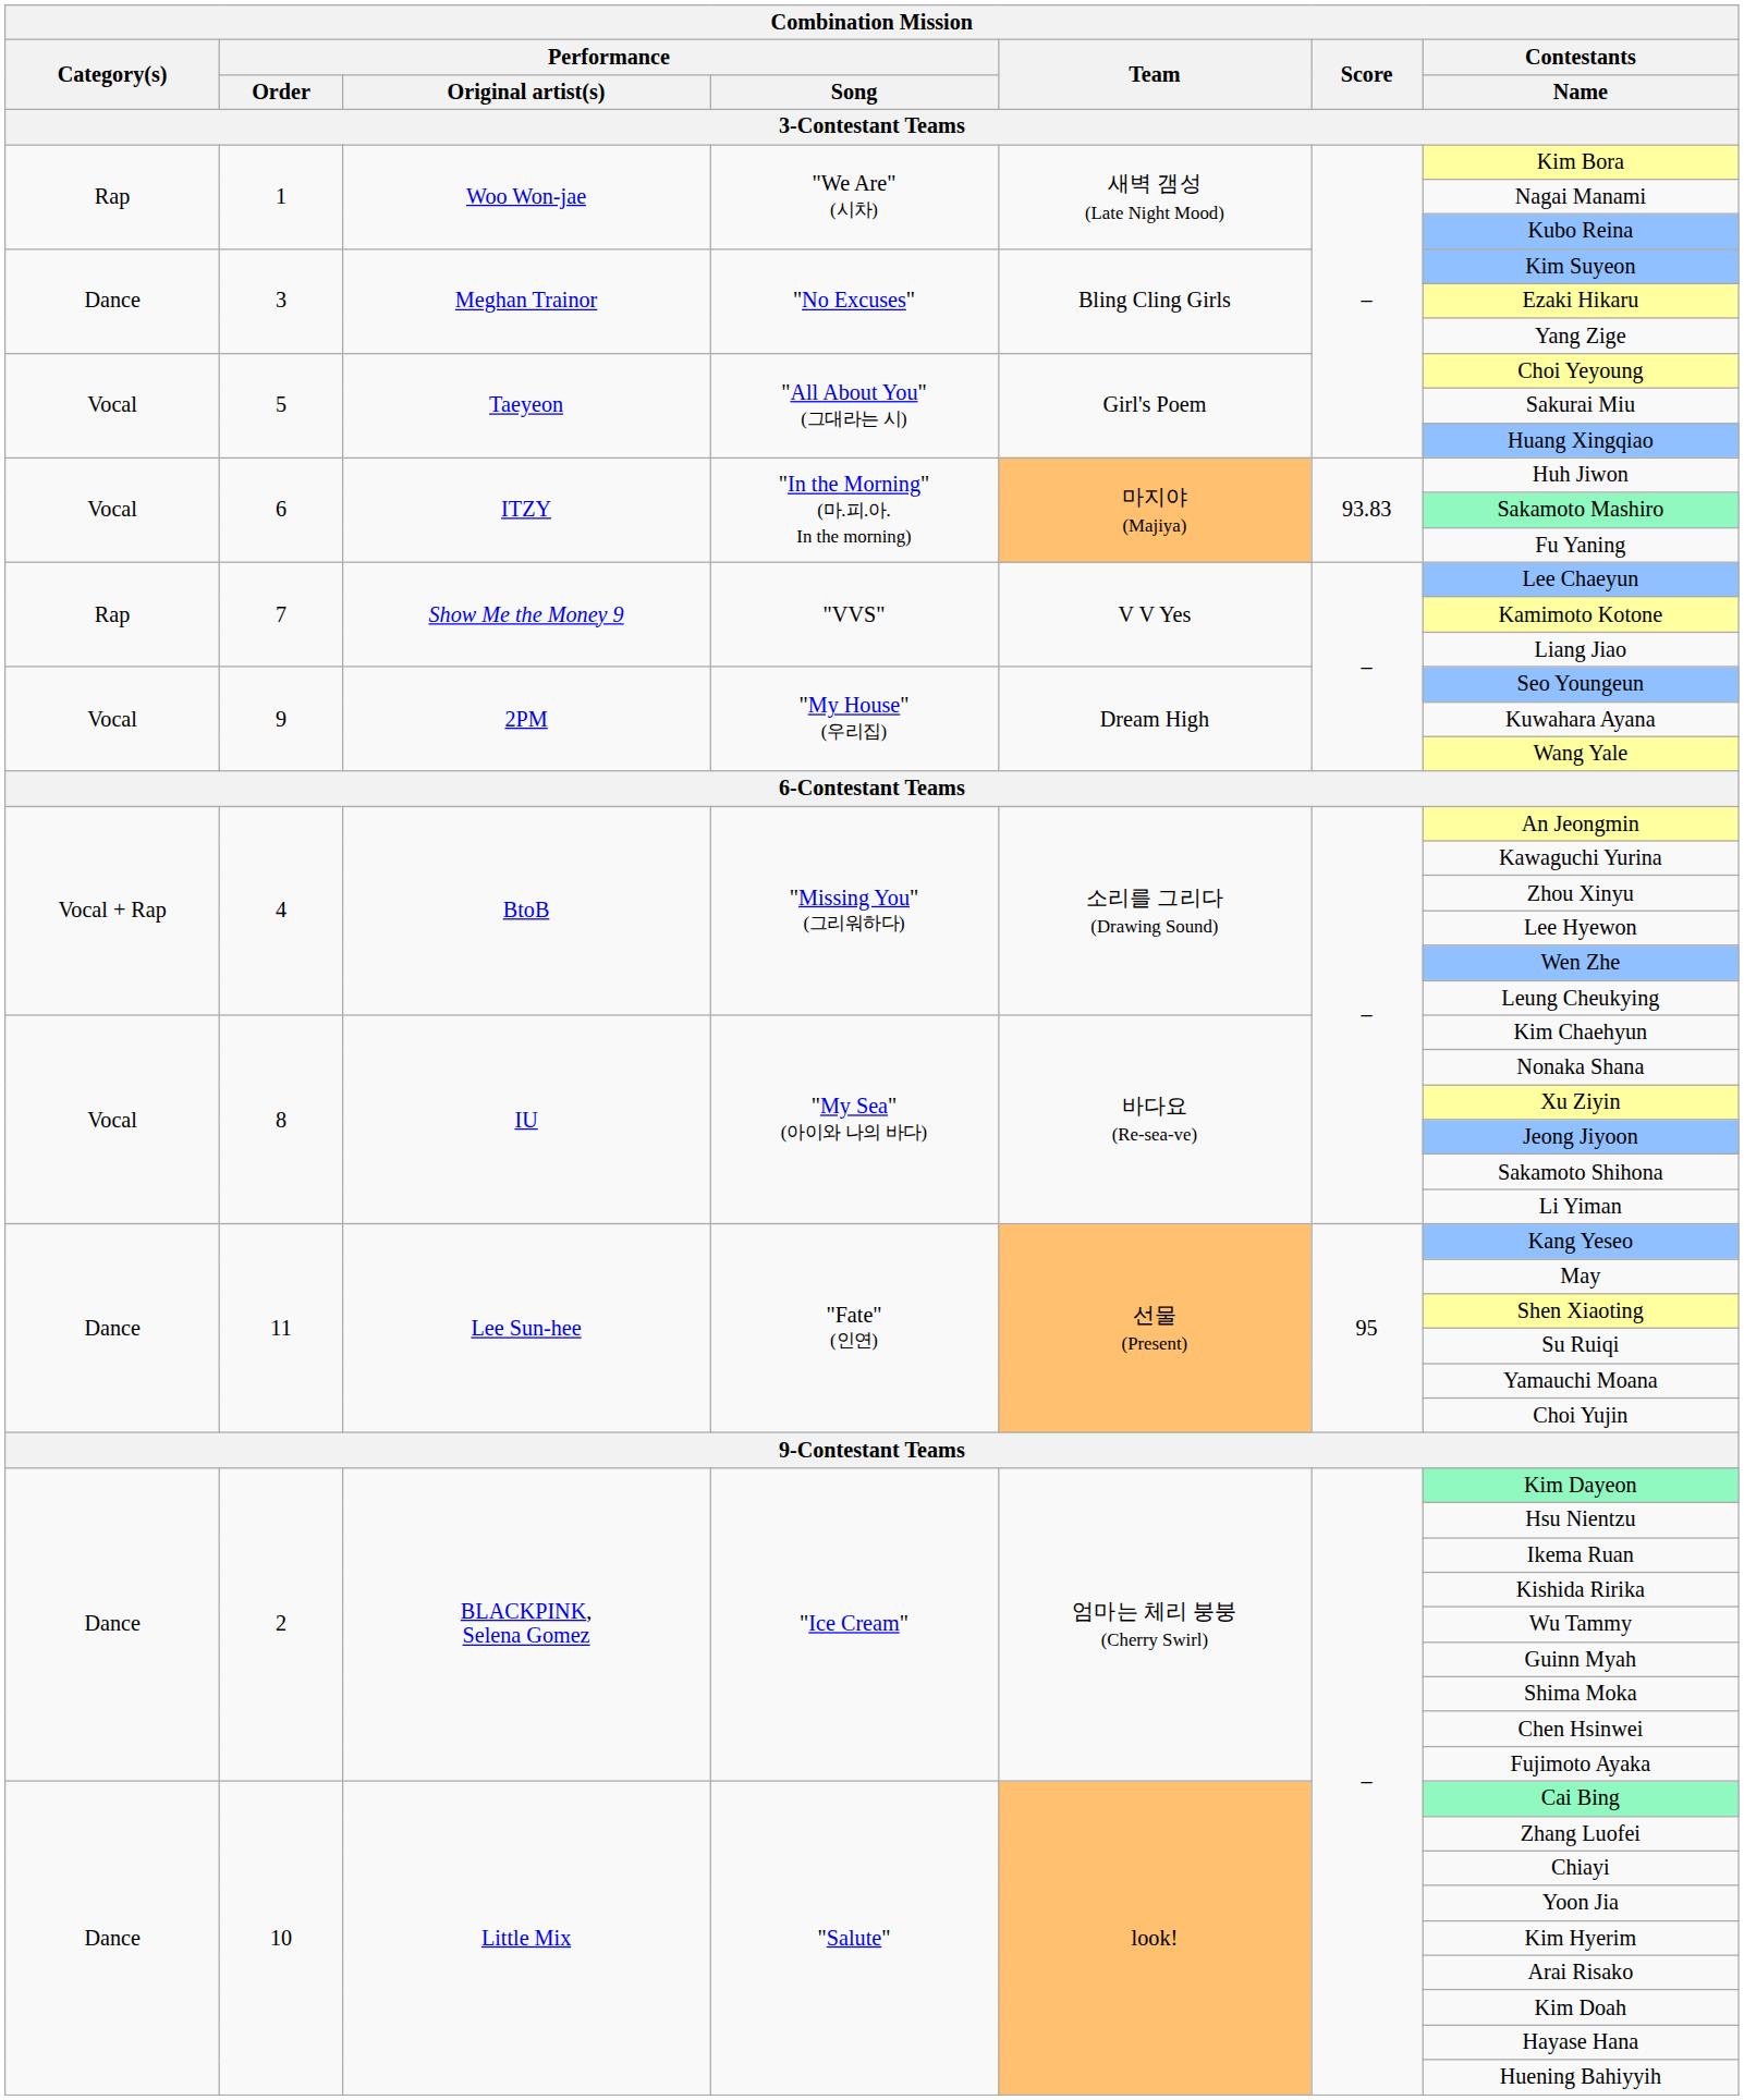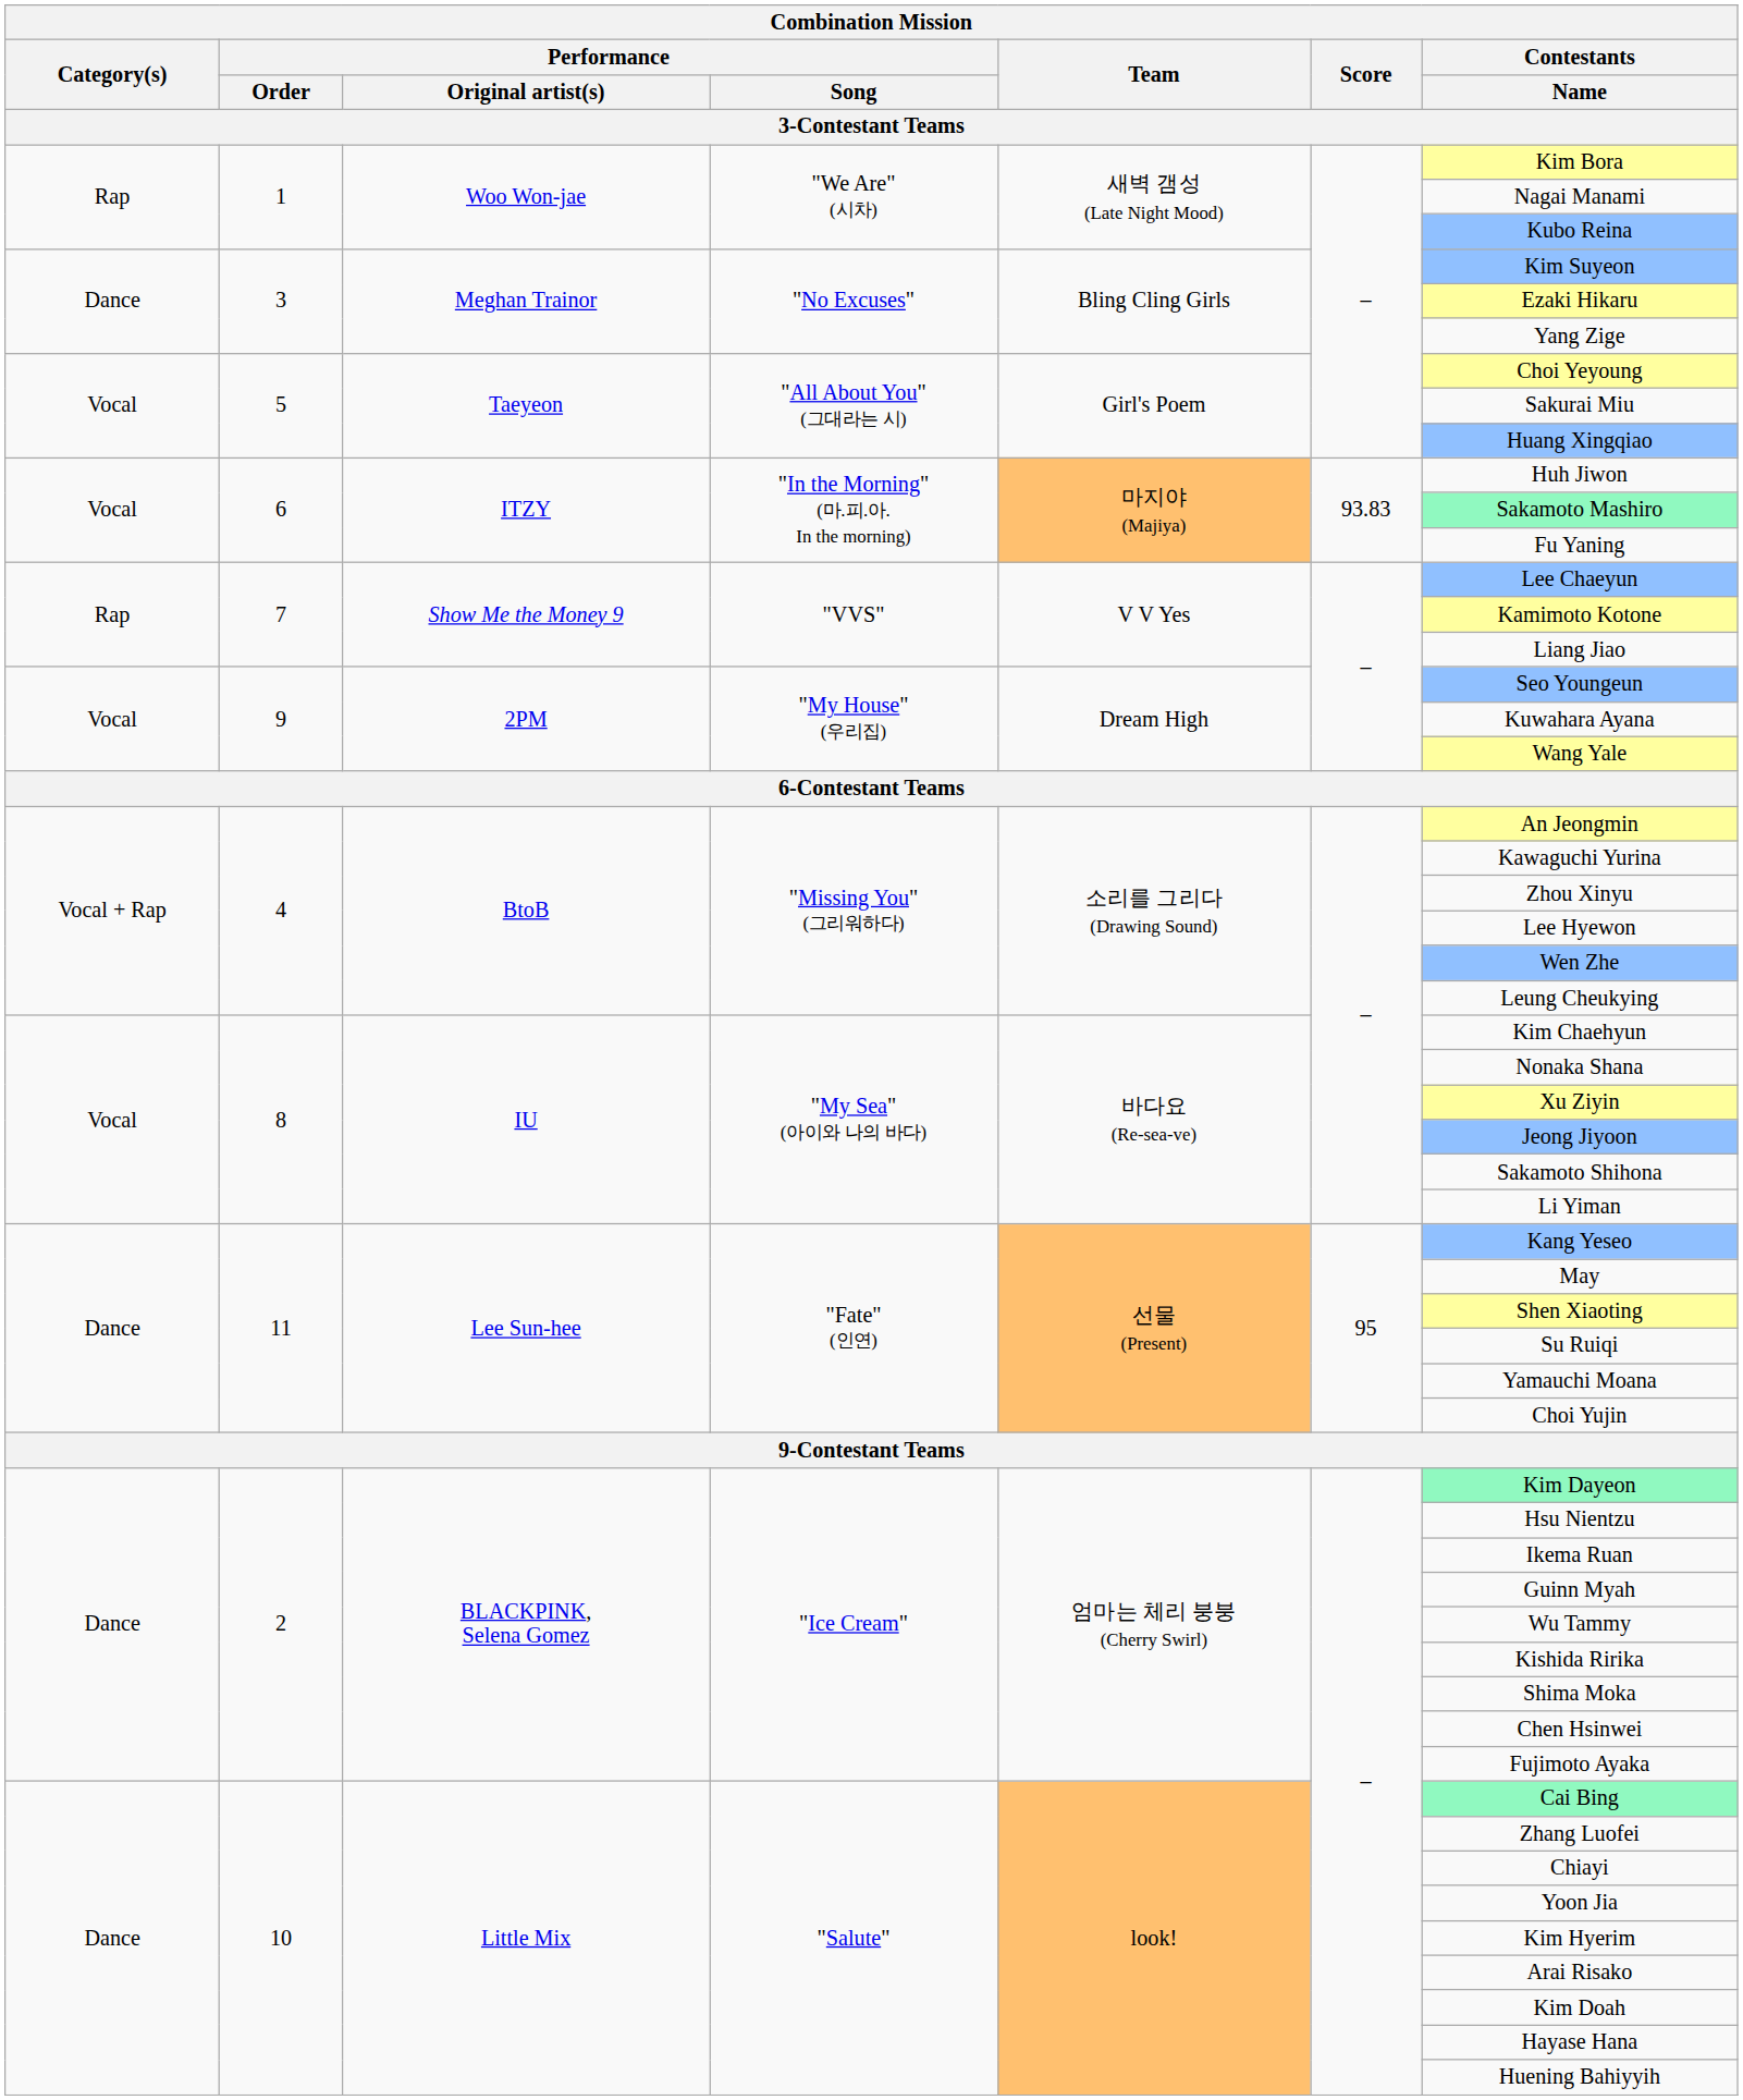 <table class="wikitable collapsible" style="width:100%; text-align:center">
 <tr>
 <th colspan="7">Combination Mission</th>
 </tr>
 <tr>
 <th rowspan="2">Category(s)</th>
 <th colspan="3">Performance</th>
 <th rowspan="2">Team</th>
 <th rowspan="2">Score</th>
 <th>Contestants</th>
 </tr>
 <tr>
 <th>Order</th>
 <th>Original artist(s)</th>
 <th>Song</th>
 <th>Name</th>
 </tr>
 <tr>
 <th colspan="7">3-Contestant Teams</th>
 </tr>
 <tr>
 <td rowspan="3">Rap</td>
 <td rowspan="3">1</td>
 <td rowspan="3"><a href='#'>Woo Won-jae</a></td>
 <td rowspan="3">"We Are"<br><small>(시차)</small></td>
 <td rowspan="3">새벽 갬성<br><small>(Late Night Mood)</small></td>
 <td rowspan="9">–</td>
 <td style="background:#FFFF9F;">Kim Bora</td>
 </tr>
 <tr>
 <td>Nagai Manami</td>
 </tr>
 <tr>
 <td style="background:#90C0FF;">Kubo Reina</td>
 </tr>
 <tr>
 <td rowspan="3">Dance</td>
 <td rowspan="3">3</td>
 <td rowspan="3"><a href='#'>Meghan Trainor</a></td>
 <td rowspan="3">"<a href='#'>No Excuses</a>"</td>
 <td rowspan="3">Bling Cling Girls</td>
 <td style="background:#90C0FF;">Kim Suyeon</td>
 </tr>
 <tr>
 <td style="background:#FFFF9F;">Ezaki Hikaru</td>
 </tr>
 <tr>
 <td>Yang Zige</td>
 </tr>
 <tr>
 <td rowspan="3">Vocal</td>
 <td rowspan="3">5</td>
 <td rowspan="3"><a href='#'>Taeyeon</a></td>
 <td rowspan="3">"<a href='#'>All About You</a>"<br><small>(그대라는 시)</small></td>
 <td rowspan="3">Girl's Poem</td>
 <td style="background:#FFFF9F;">Choi Yeyoung</td>
 </tr>
 <tr>
 <td>Sakurai Miu</td>
 </tr>
 <tr>
 <td style="background:#90C0FF;">Huang Xingqiao</td>
 </tr>
 <tr>
 <td rowspan="3">Vocal</td>
 <td rowspan="3">6</td>
 <td rowspan="3"><a href='#'>ITZY</a></td>
 <td rowspan="3">"<a href='#'>In the Morning</a>"<br><small>(마.피.아.<br>In the morning)</small></td>
 <td rowspan="3" style="background:#FFC06F;">마지야<br><small>(Majiya)</small></td>
 <td rowspan="3">93.83</td>
 <td>Huh Jiwon</td>
 </tr>
 <tr>
 <td style="background:#90F9C0;">Sakamoto Mashiro</td>
 </tr>
 <tr>
 <td>Fu Yaning</td>
 </tr>
 <tr>
 <td rowspan="3">Rap</td>
 <td rowspan="3">7</td>
 <td rowspan="3"><em><a href='#'>Show Me the Money 9</a></em></td>
 <td rowspan="3">"VVS"</td>
 <td rowspan="3">V V Yes</td>
 <td rowspan="6">–</td>
 <td style="background:#90C0FF;">Lee Chaeyun</td>
 </tr>
 <tr>
 <td style="background:#FFFF9F;">Kamimoto Kotone</td>
 </tr>
 <tr>
 <td>Liang Jiao</td>
 </tr>
 <tr>
 <td rowspan="3">Vocal</td>
 <td rowspan="3">9</td>
 <td rowspan="3"><a href='#'>2PM</a></td>
 <td rowspan="3">"<a href='#'>My House</a>"<br><small>(우리집)</small></td>
 <td rowspan="3">Dream High</td>
 <td style="background:#90C0FF;">Seo Youngeun</td>
 </tr>
 <tr>
 <td>Kuwahara Ayana</td>
 </tr>
 <tr>
 <td style="background:#FFFF9F;">Wang Yale</td>
 </tr>
 <tr>
 <th colspan="7">6-Contestant Teams</th>
 </tr>
 <tr>
 <td rowspan="6">Vocal + Rap</td>
 <td rowspan="6">4</td>
 <td rowspan="6"><a href='#'>BtoB</a></td>
 <td rowspan="6">"<a href='#'>Missing You</a>"<br><small>(그리워하다)</small></td>
 <td rowspan="6">소리를 그리다<br><small>(Drawing Sound)</small></td>
 <td rowspan="12">–</td>
 <td style="background:#FFFF9F;">An Jeongmin</td>
 </tr>
 <tr>
 <td>Kawaguchi Yurina</td>
 </tr>
 <tr>
 <td>Zhou Xinyu</td>
 </tr>
 <tr>
 <td>Lee Hyewon</td>
 </tr>
 <tr>
 <td style="background:#90C0FF;">Wen Zhe</td>
 </tr>
 <tr>
 <td>Leung Cheukying</td>
 </tr>
 <tr>
 <td rowspan="6">Vocal</td>
 <td rowspan="6">8</td>
 <td rowspan="6"><a href='#'>IU</a></td>
 <td rowspan="6">"<a href='#'>My Sea</a>"<br><small>(아이와 나의 바다)</small></td>
 <td rowspan="6">바다요<br><small>(Re-sea-ve)</small></td>
 <td>Kim Chaehyun</td>
 </tr>
 <tr>
 <td>Nonaka Shana</td>
 </tr>
 <tr>
 <td style="background:#FFFF9F;">Xu Ziyin</td>
 </tr>
 <tr>
 <td style="background:#90C0FF;">Jeong Jiyoon</td>
 </tr>
 <tr>
 <td>Sakamoto Shihona</td>
 </tr>
 <tr>
 <td>Li Yiman</td>
 </tr>
 <tr>
 <td rowspan="6">Dance</td>
 <td rowspan="6">11</td>
 <td rowspan="6"><a href='#'>Lee Sun-hee</a></td>
 <td rowspan="6">"Fate"<br><small>(인연)</small></td>
 <td rowspan="6" style="background:#FFC06F;">선물<br><small>(Present)</small></td>
 <td rowspan="6">95</td>
 <td style="background:#90C0FF;">Kang Yeseo</td>
 </tr>
 <tr>
 <td>May</td>
 </tr>
 <tr>
 <td style="background:#FFFF9F;">Shen Xiaoting</td>
 </tr>
 <tr>
 <td>Su Ruiqi</td>
 </tr>
 <tr>
 <td>Yamauchi Moana</td>
 </tr>
 <tr>
 <td>Choi Yujin</td>
 </tr>
 <tr>
 <th colspan="7">9-Contestant Teams</th>
 </tr>
 <tr>
 <td rowspan="9">Dance</td>
 <td rowspan="9">2</td>
 <td rowspan="9"><a href='#'>BLACKPINK</a>,<br><a href='#'>Selena Gomez</a></td>
 <td rowspan="9">"<a href='#'>Ice Cream</a>"</td>
 <td rowspan="9">엄마는 체리 붕붕<br><small>(Cherry Swirl)</small></td>
 <td rowspan="18">–</td>
 <td style="background:#90F9C0;">Kim Dayeon</td>
 </tr>
 <tr>
 <td>Hsu Nientzu</td>
 </tr>
 <tr>
 <td>Ikema Ruan</td>
 </tr>
 <tr>
-<td>Kishida Ririka</td>
+<td>Guinn Myah</td>
 </tr>
 <tr>
 <td>Wu Tammy</td>
 </tr>
 <tr>
-<td>Guinn Myah</td>
+<td>Kishida Ririka</td>
 </tr>
 <tr>
 <td>Shima Moka</td>
 </tr>
 <tr>
 <td>Chen Hsinwei</td>
 </tr>
 <tr>
 <td>Fujimoto Ayaka</td>
 </tr>
 <tr>
 <td rowspan="9">Dance</td>
 <td rowspan="9">10</td>
 <td rowspan="9"><a href='#'>Little Mix</a></td>
 <td rowspan="9">"<a href='#'>Salute</a>"</td>
 <td rowspan="9" style="background:#FFC06F;">look!</td>
 <td style="background:#90F9C0;">Cai Bing</td>
 </tr>
 <tr>
 <td>Zhang Luofei</td>
 </tr>
 <tr>
 <td>Chiayi</td>
 </tr>
 <tr>
 <td>Yoon Jia</td>
 </tr>
 <tr>
 <td>Kim Hyerim</td>
 </tr>
 <tr>
 <td>Arai Risako</td>
 </tr>
 <tr>
 <td>Kim Doah</td>
 </tr>
 <tr>
 <td>Hayase Hana</td>
 </tr>
 <tr>
 <td>Huening Bahiyyih</td>
 </tr>
 <tr>
 </tr>
 </table>
